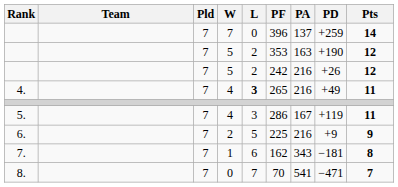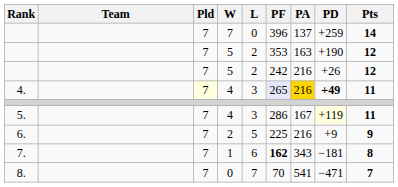 <table class="wikitable" style="text-align:center;">
 <tr>
 <th>Rank</th>
 <th width=200px>Team</th>
 <th width=25px>Pld</th>
 <th width=25px>W</th>
 <th width=25px>L</th>
 <th width=25px>PF</th>
 <th width=25px>PA</th>
 <th width=35px>PD</th>
 <th width=55px>Pts</th>
 </tr>
 <tr>
 <td></td>
 <td align=left></td>
 <td>7</td>
 <td>7</td>
 <td>0</td>
 <td>396</td>
 <td>137</td>
 <td>+259</td>
 <td><strong>14</strong></td>
 </tr>
 <tr>
 <td></td>
 <td align=left></td>
 <td>7</td>
 <td>5</td>
 <td>2</td>
 <td>353</td>
 <td>163</td>
 <td>+190</td>
 <td><strong>12</strong></td>
 </tr>
 <tr>
 <td></td>
 <td align=left></td>
 <td>7</td>
 <td>5</td>
 <td>2</td>
 <td>242</td>
 <td>216</td>
 <td>+26</td>
 <td><strong>12</strong></td>
 </tr>
 <tr>
 <td>4.</td>
 <td align=left></td>
-<td>7</td>
+<td style="background: lightyellow;">7</td>
 <td>4</td>
-<td><strong>3</strong></td>
-<td>265</td>
-<td>216</td>
-<td>+49</td>
+<td>3</td>
+<td style="background: lavender;">265</td>
+<td style="background: gold;">216</td>
+<td><strong>+49</strong></td>
 <td><strong>11</strong></td>
 </tr>
 <tr>
 <td colspan=10 height=1px bgcolor=lightgrey></td>
 </tr>
 <tr>
 <td>5.</td>
 <td align=left></td>
 <td>7</td>
 <td>4</td>
 <td>3</td>
 <td>286</td>
 <td>167</td>
-<td>+119</td>
+<td style="background: lightyellow;">+119</td>
 <td><strong>11</strong></td>
 </tr>
 <tr>
 <td>6.</td>
 <td align=left></td>
 <td>7</td>
 <td>2</td>
 <td>5</td>
 <td>225</td>
 <td>216</td>
 <td>+9</td>
 <td><strong>9</strong></td>
 </tr>
 <tr>
 <td>7.</td>
 <td align=left></td>
 <td>7</td>
 <td>1</td>
 <td>6</td>
-<td>162</td>
+<td><strong>162</strong></td>
 <td>343</td>
 <td>−181</td>
 <td><strong>8</strong></td>
 </tr>
 <tr>
 <td>8.</td>
 <td align=left></td>
 <td>7</td>
 <td>0</td>
 <td>7</td>
 <td>70</td>
 <td>541</td>
 <td>−471</td>
 <td><strong>7</strong></td>
 </tr>
 </table>
